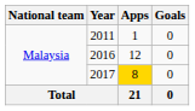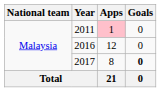 <table class=wikitable style="text-align: center;">
 <tr>
 <th>National team</th>
 <th>Year</th>
 <th>Apps</th>
 <th>Goals</th>
 </tr>
 <tr>
 <td rowspan=3><a href='#'>Malaysia</a></td>
 <td>2011</td>
-<td>1</td>
+<td style="background: pink;">1</td>
 <td>0</td>
 </tr>
 <tr>
 <td>2016</td>
 <td>12</td>
 <td>0</td>
 </tr>
 <tr>
 <td>2017</td>
-<td style="background: gold;">8</td>
-<td>0</td>
+<td>8</td>
+<td><strong>0</strong></td>
 </tr>
 <tr>
 <th colspan=2>Total</th>
 <th>21</th>
 <th>0</th>
 </tr>
 </table>
